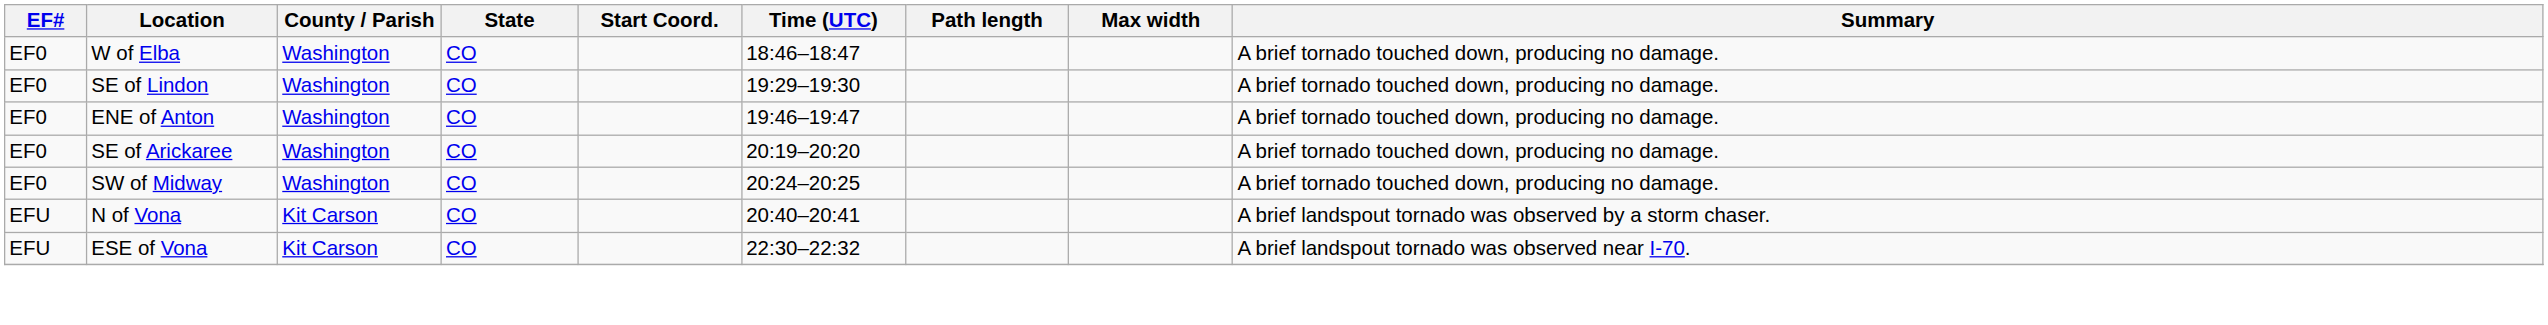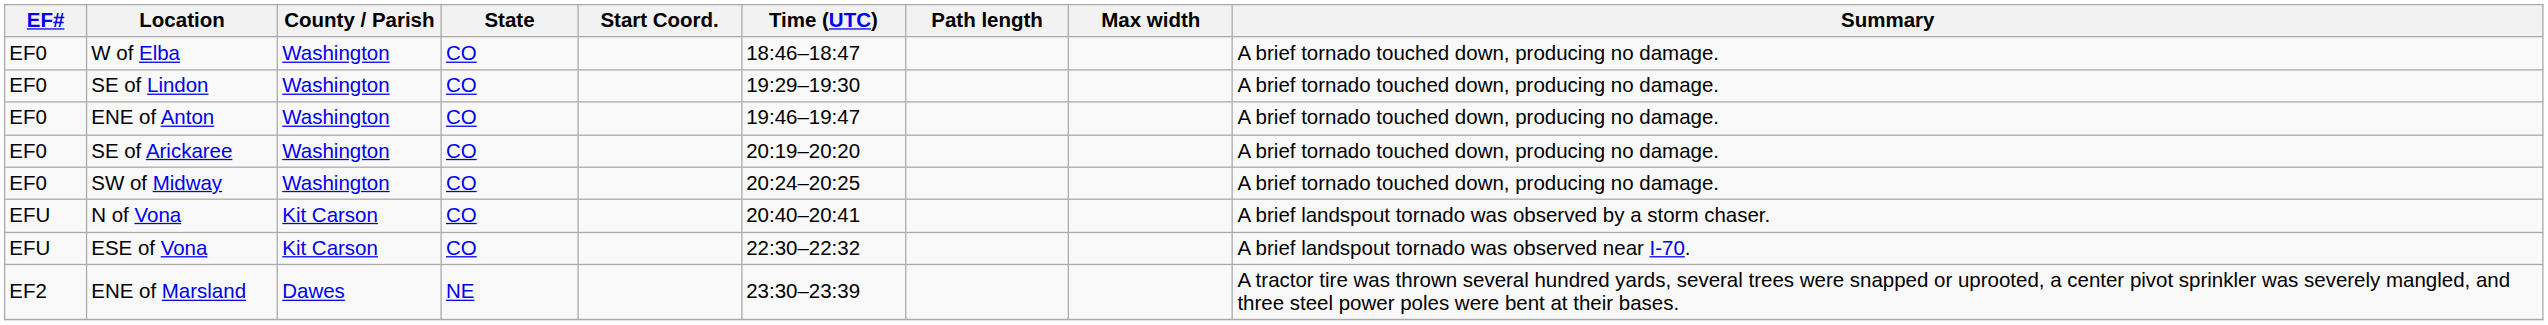 <table class="wikitable sortable" style="width:100%;">
 <tr>
 <th scope="col"  style="width:3%; text-align:center;"><a href='#'>EF#</a></th>
 <th scope="col"  style="width:7%; text-align:center;" class="unsortable">Location</th>
 <th scope="col"  style="width:6%; text-align:center;" class="unsortable">County / Parish</th>
 <th scope="col"  style="width:5%; text-align:center;">State</th>
 <th scope="col"  style="width:6%; text-align:center;">Start Coord.</th>
 <th scope="col"  style="width:6%; text-align:center;">Time (<a href='#'>UTC</a>)</th>
 <th scope="col"  style="width:6%; text-align:center;">Path length</th>
 <th scope="col"  style="width:6%; text-align:center;">Max width</th>
 <th scope="col" class="unsortable" style="width:48%; text-align:center;">Summary</th>
 </tr>
 <tr>
 <td>EF0</td>
 <td>W of <a href='#'>Elba</a></td>
 <td><a href='#'>Washington</a></td>
 <td><a href='#'>CO</a></td>
 <td></td>
 <td>18:46–18:47</td>
 <td></td>
 <td></td>
 <td>A brief tornado touched down, producing no damage.</td>
 </tr>
 <tr>
 <td>EF0</td>
 <td>SE of <a href='#'>Lindon</a></td>
 <td><a href='#'>Washington</a></td>
 <td><a href='#'>CO</a></td>
 <td></td>
 <td>19:29–19:30</td>
 <td></td>
 <td></td>
 <td>A brief tornado touched down, producing no damage.</td>
 </tr>
 <tr>
 <td>EF0</td>
 <td>ENE of <a href='#'>Anton</a></td>
 <td><a href='#'>Washington</a></td>
 <td><a href='#'>CO</a></td>
 <td></td>
 <td>19:46–19:47</td>
 <td></td>
 <td></td>
 <td>A brief tornado touched down, producing no damage.</td>
 </tr>
 <tr>
 <td>EF0</td>
 <td>SE of <a href='#'>Arickaree</a></td>
 <td><a href='#'>Washington</a></td>
 <td><a href='#'>CO</a></td>
 <td></td>
 <td>20:19–20:20</td>
 <td></td>
 <td></td>
 <td>A brief tornado touched down, producing no damage.</td>
 </tr>
 <tr>
 <td>EF0</td>
 <td>SW of <a href='#'>Midway</a></td>
 <td><a href='#'>Washington</a></td>
 <td><a href='#'>CO</a></td>
 <td></td>
 <td>20:24–20:25</td>
 <td></td>
 <td></td>
 <td>A brief tornado touched down, producing no damage.</td>
 </tr>
 <tr>
 <td>EFU</td>
 <td>N of <a href='#'>Vona</a></td>
 <td><a href='#'>Kit Carson</a></td>
 <td><a href='#'>CO</a></td>
 <td></td>
 <td>20:40–20:41</td>
 <td></td>
 <td></td>
 <td>A brief landspout tornado was observed by a storm chaser.</td>
 </tr>
 <tr>
 <td>EFU</td>
 <td>ESE of <a href='#'>Vona</a></td>
 <td><a href='#'>Kit Carson</a></td>
 <td><a href='#'>CO</a></td>
 <td></td>
 <td>22:30–22:32</td>
 <td></td>
 <td></td>
 <td>A brief landspout tornado was observed near <a href='#'>I-70</a>.</td>
 </tr>
 <tr>
+<td>EF2</td>
+<td>ENE of <a href='#'>Marsland</a></td>
+<td><a href='#'>Dawes</a></td>
+<td><a href='#'>NE</a></td>
+<td></td>
+<td>23:30–23:39</td>
+<td></td>
+<td></td>
+<td>A tractor tire was thrown several hundred yards, several trees were snapped or uprooted, a center pivot sprinkler was severely mangled, and three steel power poles were bent at their bases.</td>
+</tr>
+<tr>
 </tr>
 </table>
